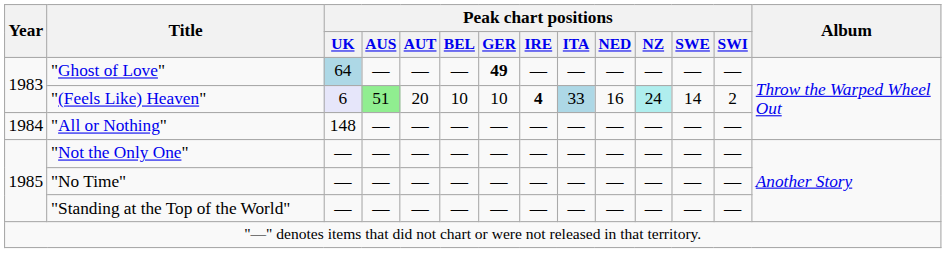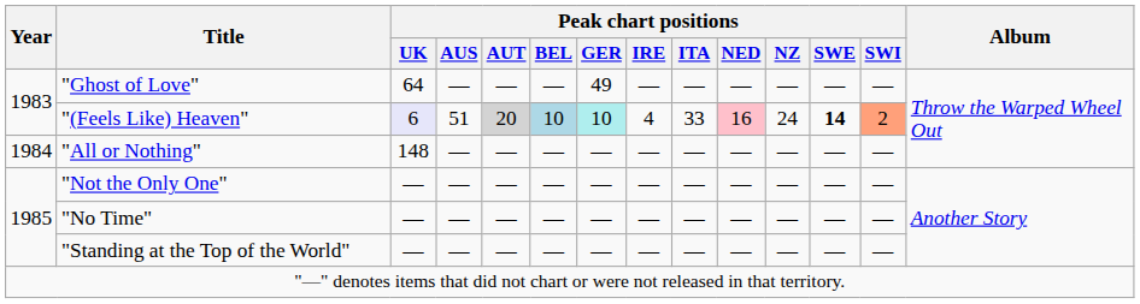 <table class="wikitable">
 <tr>
 <th rowspan="2" style="width:2em;">Year</th>
 <th rowspan="2" style="width:18em;">Title</th>
 <th colspan="11">Peak chart positions</th>
 <th rowspan="2" style="width:12em;">Album</th>
 </tr>
 <tr>
 <th style="width:2em;font-size:90%;"><a href='#'>UK</a><br></th>
 <th style="width:2em;font-size:90%;"><a href='#'>AUS</a><br></th>
 <th style="width:2em;font-size:90%;"><a href='#'>AUT</a><br></th>
 <th style="width:2em;font-size:90%;"><a href='#'>BEL</a><br></th>
 <th style="width:2em;font-size:90%;"><a href='#'>GER</a><br></th>
 <th style="width:2em;font-size:90%;"><a href='#'>IRE</a><br></th>
 <th style="width:2em;font-size:90%;"><a href='#'>ITA</a><br></th>
 <th style="width:2em;font-size:90%;"><a href='#'>NED</a><br></th>
 <th style="width:2em;font-size:90%;"><a href='#'>NZ</a><br></th>
 <th style="width:2em;font-size:90%;"><a href='#'>SWE</a><br></th>
 <th style="width:2em;font-size:90%;"><a href='#'>SWI</a><br></th>
 </tr>
 <tr>
 <td rowspan="2">1983</td>
 <td>"<a href='#'>Ghost of Love</a>"</td>
-<td style="background: lightblue; text-align:center;">64</td>
+<td style="text-align:center;">64</td>
 <td style="text-align:center;">—</td>
 <td style="text-align:center;">—</td>
 <td style="text-align:center;">—</td>
-<td style="text-align:center;"><strong>49</strong></td>
+<td style="text-align:center;">49</td>
 <td style="text-align:center;">—</td>
 <td style="text-align:center;">—</td>
 <td style="text-align:center;">—</td>
 <td style="text-align:center;">—</td>
 <td style="text-align:center;">—</td>
 <td style="text-align:center;">—</td>
 <td rowspan="3"><em><a href='#'>Throw the Warped Wheel Out</a></em></td>
 </tr>
 <tr>
 <td>"<a href='#'>(Feels Like) Heaven</a>"</td>
 <td style="background: lavender; text-align:center;">6</td>
-<td style="background: lightgreen; text-align:center;">51</td>
-<td style="text-align:center;">20</td>
-<td style="text-align:center;">10</td>
-<td style="text-align:center;">10</td>
-<td style="text-align:center;"><strong>4</strong></td>
-<td style="background: lightblue; text-align:center;">33</td>
-<td style="text-align:center;">16</td>
-<td style="background: paleturquoise; text-align:center;">24</td>
-<td style="text-align:center;">14</td>
-<td style="text-align:center;">2</td>
+<td style="text-align:center;">51</td>
+<td style="background: lightgrey; text-align:center;">20</td>
+<td style="background: lightblue; text-align:center;">10</td>
+<td style="background: paleturquoise; text-align:center;">10</td>
+<td style="text-align:center;">4</td>
+<td style="text-align:center;">33</td>
+<td style="background: pink; text-align:center;">16</td>
+<td style="text-align:center;">24</td>
+<td style="text-align:center;"><strong>14</strong></td>
+<td style="background: lightsalmon; text-align:center;">2</td>
 </tr>
 <tr>
 <td>1984</td>
 <td>"<a href='#'>All or Nothing</a>"</td>
 <td style="text-align:center;">148</td>
 <td style="text-align:center;">—</td>
 <td style="text-align:center;">—</td>
 <td style="text-align:center;">—</td>
 <td style="text-align:center;">—</td>
 <td style="text-align:center;">—</td>
 <td style="text-align:center;">—</td>
 <td style="text-align:center;">—</td>
 <td style="text-align:center;">—</td>
 <td style="text-align:center;">—</td>
 <td style="text-align:center;">—</td>
 </tr>
 <tr>
 <td rowspan="3">1985</td>
 <td>"<a href='#'>Not the Only One</a>"</td>
 <td style="text-align:center;">—</td>
 <td style="text-align:center;">—</td>
 <td style="text-align:center;">—</td>
 <td style="text-align:center;">—</td>
 <td style="text-align:center;">—</td>
 <td style="text-align:center;">—</td>
 <td style="text-align:center;">—</td>
 <td style="text-align:center;">—</td>
 <td style="text-align:center;">—</td>
 <td style="text-align:center;">—</td>
 <td style="text-align:center;">—</td>
 <td rowspan="3"><em><a href='#'>Another Story</a></em></td>
 </tr>
 <tr>
 <td>"No Time"</td>
 <td style="text-align:center;">—</td>
 <td style="text-align:center;">—</td>
 <td style="text-align:center;">—</td>
 <td style="text-align:center;">—</td>
 <td style="text-align:center;">—</td>
 <td style="text-align:center;">—</td>
 <td style="text-align:center;">—</td>
 <td style="text-align:center;">—</td>
 <td style="text-align:center;">—</td>
 <td style="text-align:center;">—</td>
 <td style="text-align:center;">—</td>
 </tr>
 <tr>
 <td>"Standing at the Top of the World"</td>
 <td style="text-align:center;">—</td>
 <td style="text-align:center;">—</td>
 <td style="text-align:center;">—</td>
 <td style="text-align:center;">—</td>
 <td style="text-align:center;">—</td>
 <td style="text-align:center;">—</td>
 <td style="text-align:center;">—</td>
 <td style="text-align:center;">—</td>
 <td style="text-align:center;">—</td>
 <td style="text-align:center;">—</td>
 <td style="text-align:center;">—</td>
 </tr>
 <tr>
 <td colspan="15" style="text-align:center; font-size:90%;">"—" denotes items that did not chart or were not released in that territory.</td>
 </tr>
 </table>
